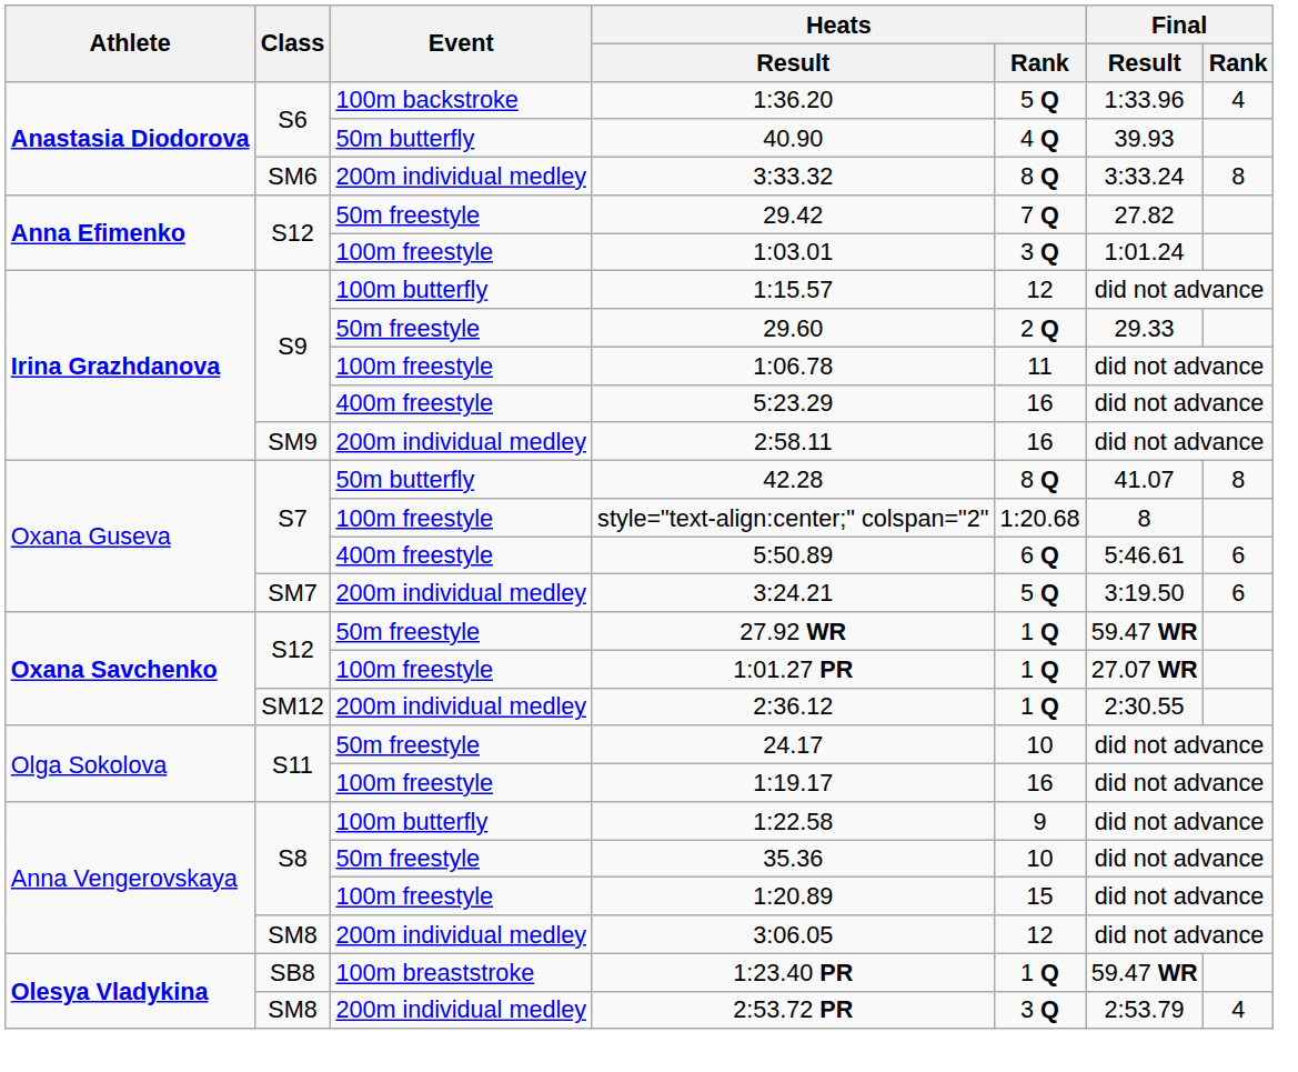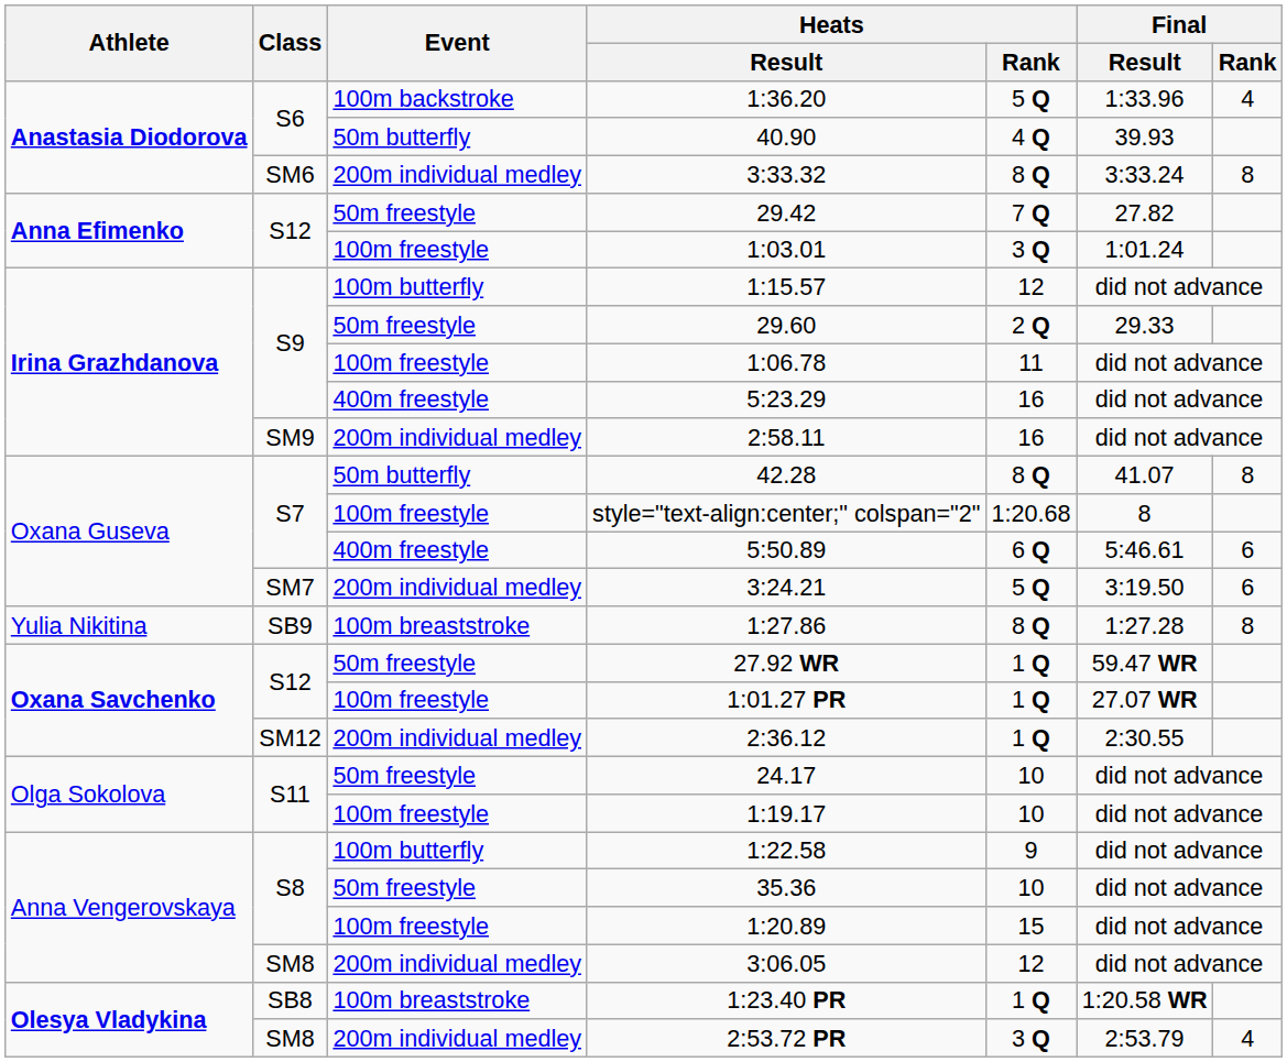 <table class=wikitable style="font-size:90%">
 <tr>
 <th rowspan="2">Athlete</th>
 <th rowspan="2">Class</th>
 <th rowspan="2">Event</th>
 <th colspan="2">Heats</th>
 <th colspan="2">Final</th>
 </tr>
 <tr>
 <th>Result</th>
 <th>Rank</th>
 <th>Result</th>
 <th>Rank</th>
 </tr>
 <tr>
 <td rowspan="3"><strong><a href='#'>Anastasia Diodorova</a></strong></td>
 <td rowspan="2" style="text-align:center;">S6</td>
 <td><a href='#'>100m backstroke</a></td>
 <td style="text-align:center;">1:36.20</td>
 <td style="text-align:center;">5 <strong>Q</strong></td>
 <td style="text-align:center;">1:33.96</td>
 <td style="text-align:center;">4</td>
 </tr>
 <tr>
 <td><a href='#'>50m butterfly</a></td>
 <td style="text-align:center;">40.90</td>
 <td style="text-align:center;">4 <strong>Q</strong></td>
 <td style="text-align:center;">39.93</td>
 <td style="text-align:center;"></td>
 </tr>
 <tr>
 <td style="text-align:center;">SM6</td>
 <td><a href='#'>200m individual medley</a></td>
 <td style="text-align:center;">3:33.32</td>
 <td style="text-align:center;">8 <strong>Q</strong></td>
 <td style="text-align:center;">3:33.24</td>
 <td style="text-align:center;">8</td>
 </tr>
 <tr>
 <td rowspan="2"><strong><a href='#'>Anna Efimenko</a></strong></td>
 <td rowspan="2" style="text-align:center;">S12</td>
 <td><a href='#'>50m freestyle</a></td>
 <td style="text-align:center;">29.42</td>
 <td style="text-align:center;">7 <strong>Q</strong></td>
 <td style="text-align:center;">27.82</td>
 <td style="text-align:center;"></td>
 </tr>
 <tr>
 <td><a href='#'>100m freestyle</a></td>
 <td style="text-align:center;">1:03.01</td>
 <td style="text-align:center;">3 <strong>Q</strong></td>
 <td style="text-align:center;">1:01.24</td>
 <td style="text-align:center;"></td>
 </tr>
 <tr>
 <td rowspan="5"><strong><a href='#'>Irina Grazhdanova</a></strong></td>
 <td rowspan="4" style="text-align:center;">S9</td>
 <td><a href='#'>100m butterfly</a></td>
 <td style="text-align:center;">1:15.57</td>
 <td style="text-align:center;">12</td>
 <td style="text-align:center;" colspan="2">did not advance</td>
 </tr>
 <tr>
 <td><a href='#'>50m freestyle</a></td>
 <td style="text-align:center;">29.60</td>
 <td style="text-align:center;">2 <strong>Q</strong></td>
 <td style="text-align:center;">29.33</td>
 <td style="text-align:center;"></td>
 </tr>
 <tr>
 <td><a href='#'>100m freestyle</a></td>
 <td style="text-align:center;">1:06.78</td>
 <td style="text-align:center;">11</td>
 <td style="text-align:center;" colspan="2">did not advance</td>
 </tr>
 <tr>
 <td><a href='#'>400m freestyle</a></td>
 <td style="text-align:center;">5:23.29</td>
 <td style="text-align:center;">16</td>
 <td style="text-align:center;" colspan="2">did not advance</td>
 </tr>
 <tr>
 <td style="text-align:center;">SM9</td>
 <td><a href='#'>200m individual medley</a></td>
 <td style="text-align:center;">2:58.11</td>
 <td style="text-align:center;">16</td>
 <td style="text-align:center;" colspan="2">did not advance</td>
 </tr>
 <tr>
 <td rowspan="4"><a href='#'>Oxana Guseva</a></td>
 <td rowspan="3" style="text-align:center;">S7</td>
 <td><a href='#'>50m butterfly</a></td>
 <td style="text-align:center;">42.28</td>
 <td style="text-align:center;">8 <strong>Q</strong></td>
 <td style="text-align:center;">41.07</td>
 <td style="text-align:center;">8</td>
 </tr>
 <tr>
 <td><a href='#'>100m freestyle</a></td>
 <td>style="text-align:center;" colspan="2" </td>
 <td style="text-align:center;">1:20.68</td>
 <td style="text-align:center;">8</td>
 </tr>
 <tr>
 <td><a href='#'>400m freestyle</a></td>
 <td style="text-align:center;">5:50.89</td>
 <td style="text-align:center;">6 <strong>Q</strong></td>
 <td style="text-align:center;">5:46.61</td>
 <td style="text-align:center;">6</td>
 </tr>
 <tr>
 <td style="text-align:center;">SM7</td>
 <td><a href='#'>200m individual medley</a></td>
 <td style="text-align:center;">3:24.21</td>
 <td style="text-align:center;">5 <strong>Q</strong></td>
 <td style="text-align:center;">3:19.50</td>
 <td style="text-align:center;">6</td>
 </tr>
 <tr>
+<td><a href='#'>Yulia Nikitina</a></td>
+<td style="text-align:center;">SB9</td>
+<td><a href='#'>100m breaststroke</a></td>
+<td style="text-align:center;">1:27.86</td>
+<td style="text-align:center;">8 <strong>Q</strong></td>
+<td style="text-align:center;">1:27.28</td>
+<td style="text-align:center;">8</td>
+</tr>
+<tr>
 <td rowspan="3"><strong><a href='#'>Oxana Savchenko</a></strong></td>
 <td rowspan="2" style="text-align:center;">S12</td>
 <td><a href='#'>50m freestyle</a></td>
 <td style="text-align:center;">27.92 <strong>WR</strong></td>
 <td style="text-align:center;">1 <strong>Q</strong></td>
 <td style="text-align:center;">59.47 <strong>WR</strong></td>
 <td style="text-align:center;"></td>
 </tr>
 <tr>
 <td><a href='#'>100m freestyle</a></td>
 <td style="text-align:center;">1:01.27 <strong>PR</strong></td>
 <td style="text-align:center;">1 <strong>Q</strong></td>
 <td style="text-align:center;">27.07 <strong>WR</strong></td>
 <td style="text-align:center;"></td>
 </tr>
 <tr>
 <td style="text-align:center;">SM12</td>
 <td><a href='#'>200m individual medley</a></td>
 <td style="text-align:center;">2:36.12</td>
 <td style="text-align:center;">1 <strong>Q</strong></td>
 <td style="text-align:center;">2:30.55</td>
 <td style="text-align:center;"></td>
 </tr>
 <tr>
 <td rowspan="2"><a href='#'>Olga Sokolova</a></td>
 <td rowspan="2" style="text-align:center;">S11</td>
 <td><a href='#'>50m freestyle</a></td>
 <td style="text-align:center;">24.17</td>
 <td style="text-align:center;">10</td>
 <td style="text-align:center;" colspan="2">did not advance</td>
 </tr>
 <tr>
 <td><a href='#'>100m freestyle</a></td>
 <td style="text-align:center;">1:19.17</td>
-<td style="text-align:center;">16</td>
+<td style="text-align:center;">10</td>
 <td style="text-align:center;" colspan="2">did not advance</td>
 </tr>
 <tr>
 <td rowspan="4"><a href='#'>Anna Vengerovskaya</a></td>
 <td rowspan="3" style="text-align:center;">S8</td>
 <td><a href='#'>100m butterfly</a></td>
 <td style="text-align:center;">1:22.58</td>
 <td style="text-align:center;">9</td>
 <td style="text-align:center;" colspan="2">did not advance</td>
 </tr>
 <tr>
 <td><a href='#'>50m freestyle</a></td>
 <td style="text-align:center;">35.36</td>
 <td style="text-align:center;">10</td>
 <td style="text-align:center;" colspan="2">did not advance</td>
 </tr>
 <tr>
 <td><a href='#'>100m freestyle</a></td>
 <td style="text-align:center;">1:20.89</td>
 <td style="text-align:center;">15</td>
 <td style="text-align:center;" colspan="2">did not advance</td>
 </tr>
 <tr>
 <td style="text-align:center;">SM8</td>
 <td><a href='#'>200m individual medley</a></td>
 <td style="text-align:center;">3:06.05</td>
 <td style="text-align:center;">12</td>
 <td style="text-align:center;" colspan="2">did not advance</td>
 </tr>
 <tr>
 <td rowspan="2"><strong><a href='#'>Olesya Vladykina</a></strong></td>
 <td style="text-align:center;">SB8</td>
 <td><a href='#'>100m breaststroke</a></td>
 <td style="text-align:center;">1:23.40 <strong>PR</strong></td>
 <td style="text-align:center;">1 <strong>Q</strong></td>
-<td style="text-align:center;">59.47 <strong>WR</strong></td>
+<td style="text-align:center;">1:20.58 <strong>WR</strong></td>
 <td style="text-align:center;"></td>
 </tr>
 <tr>
 <td style="text-align:center;">SM8</td>
 <td><a href='#'>200m individual medley</a></td>
 <td style="text-align:center;">2:53.72 <strong>PR</strong></td>
 <td style="text-align:center;">3 <strong>Q</strong></td>
 <td style="text-align:center;">2:53.79</td>
 <td style="text-align:center;">4</td>
 </tr>
 </table>
